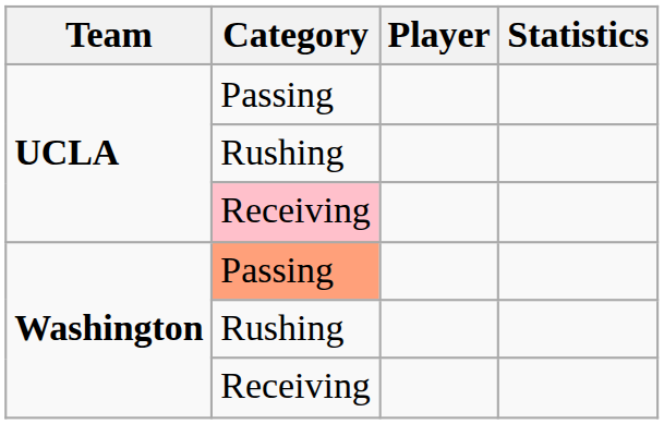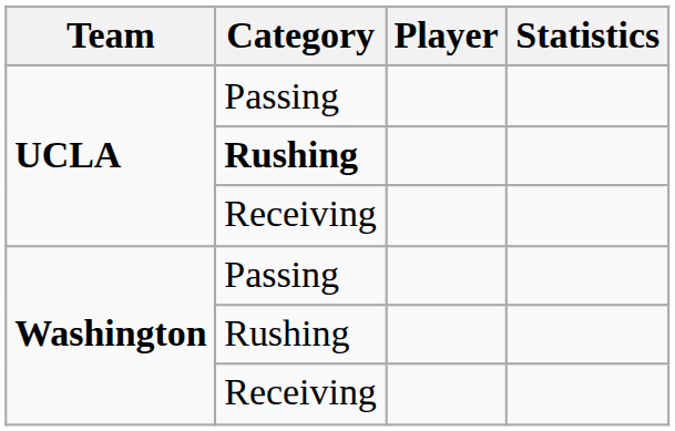 <table class="wikitable" style="float: right;">
 <tr>
 <th>Team</th>
 <th>Category</th>
 <th>Player</th>
 <th>Statistics</th>
 </tr>
 <tr>
 <td rowspan=3><strong>UCLA</strong></td>
 <td>Passing</td>
 <td></td>
 <td></td>
 </tr>
 <tr>
-<td>Rushing</td>
+<td><strong>Rushing</strong></td>
 <td></td>
 <td></td>
 </tr>
 <tr>
-<td style="background: pink;">Receiving</td>
+<td>Receiving</td>
 <td></td>
 <td></td>
 </tr>
 <tr>
 <td rowspan=3><strong>Washington</strong></td>
-<td style="background: lightsalmon;">Passing</td>
+<td>Passing</td>
 <td></td>
 <td></td>
 </tr>
 <tr>
 <td>Rushing</td>
 <td></td>
 <td></td>
 </tr>
 <tr>
 <td>Receiving</td>
 <td></td>
 <td></td>
 </tr>
 </table>
